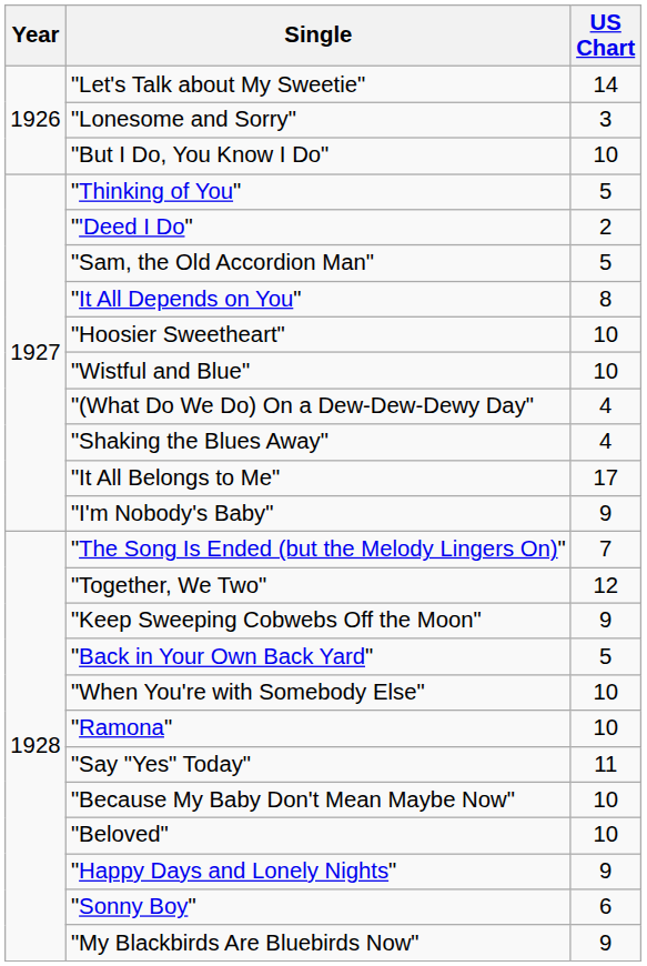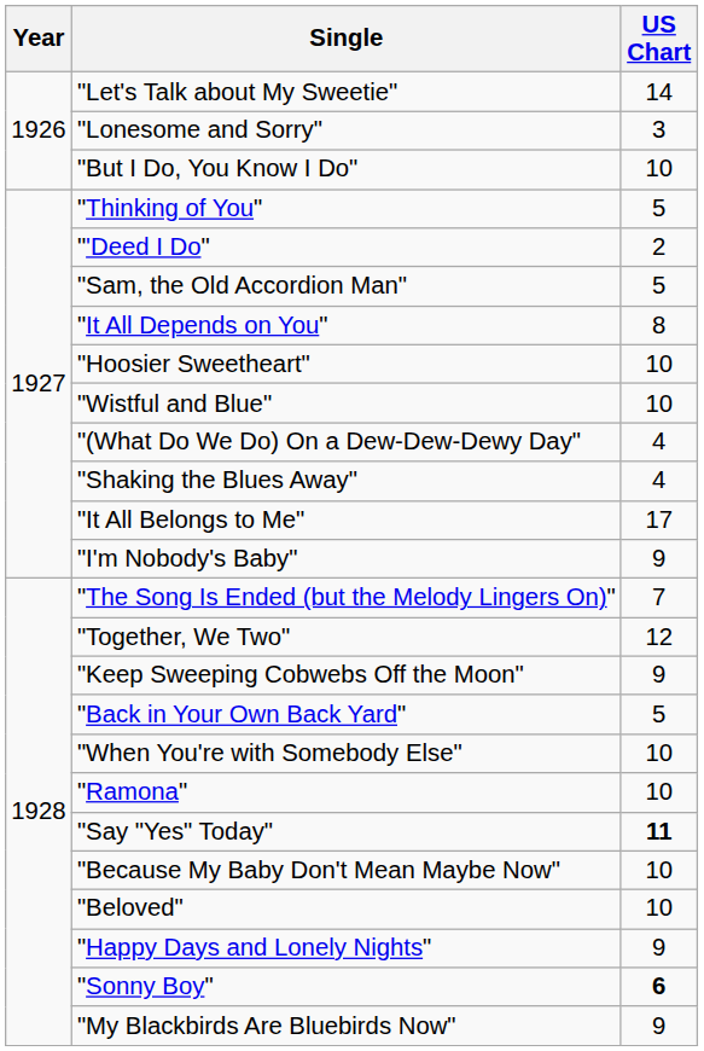 <table class="wikitable">
 <tr>
 <th>Year</th>
 <th>Single</th>
 <th><a href='#'>US<br>Chart</a></th>
 </tr>
 <tr>
 <td rowspan="3">1926</td>
 <td>"Let's Talk about My Sweetie"</td>
 <td align="center">14</td>
 </tr>
 <tr>
 <td>"Lonesome and Sorry"</td>
 <td align="center">3</td>
 </tr>
 <tr>
 <td>"But I Do, You Know I Do"</td>
 <td align="center">10</td>
 </tr>
 <tr>
 <td rowspan="10">1927</td>
 <td>"<a href='#'>Thinking of You</a>"</td>
 <td align="center">5</td>
 </tr>
 <tr>
 <td>"<a href='#'>'Deed I Do</a>"</td>
 <td align="center">2</td>
 </tr>
 <tr>
 <td>"Sam, the Old Accordion Man"</td>
 <td align="center">5</td>
 </tr>
 <tr>
 <td>"<a href='#'>It All Depends on You</a>"</td>
 <td align="center">8</td>
 </tr>
 <tr>
 <td>"Hoosier Sweetheart"</td>
 <td align="center">10</td>
 </tr>
 <tr>
 <td>"Wistful and Blue"</td>
 <td align="center">10</td>
 </tr>
 <tr>
 <td>"(What Do We Do) On a Dew-Dew-Dewy Day"</td>
 <td align="center">4</td>
 </tr>
 <tr>
 <td>"Shaking the Blues Away"</td>
 <td align="center">4</td>
 </tr>
 <tr>
 <td>"It All Belongs to Me"</td>
 <td align="center">17</td>
 </tr>
 <tr>
 <td>"I'm Nobody's Baby"</td>
 <td align="center">9</td>
 </tr>
 <tr>
 <td rowspan="12">1928</td>
 <td>"<a href='#'>The Song Is Ended (but the Melody Lingers On)</a>"</td>
 <td align="center">7</td>
 </tr>
 <tr>
 <td>"Together, We Two"</td>
 <td align="center">12</td>
 </tr>
 <tr>
 <td>"Keep Sweeping Cobwebs Off the Moon"</td>
 <td align="center">9</td>
 </tr>
 <tr>
 <td>"<a href='#'>Back in Your Own Back Yard</a>"</td>
 <td align="center">5</td>
 </tr>
 <tr>
 <td>"When You're with Somebody Else"</td>
 <td align="center">10</td>
 </tr>
 <tr>
 <td>"<a href='#'>Ramona</a>"</td>
 <td align="center">10</td>
 </tr>
 <tr>
 <td>"Say "Yes" Today"</td>
-<td align="center">11</td>
+<td align="center"><strong>11</strong></td>
 </tr>
 <tr>
 <td>"Because My Baby Don't Mean Maybe Now"</td>
 <td align="center">10</td>
 </tr>
 <tr>
 <td>"Beloved"</td>
 <td align="center">10</td>
 </tr>
 <tr>
 <td>"<a href='#'>Happy Days and Lonely Nights</a>"</td>
 <td align="center">9</td>
 </tr>
 <tr>
 <td>"<a href='#'>Sonny Boy</a>"</td>
-<td align="center">6</td>
+<td align="center"><strong>6</strong></td>
 </tr>
 <tr>
 <td>"My Blackbirds Are Bluebirds Now"</td>
 <td align="center">9</td>
 </tr>
 <tr>
 </tr>
 </table>
